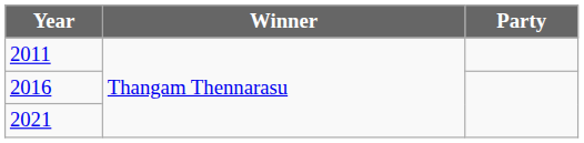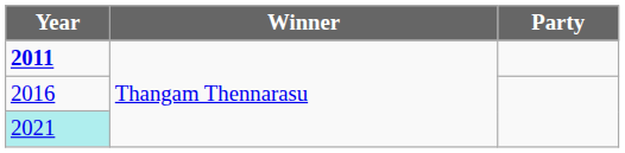 <table class="wikitable sortable" width="50%">
 <tr>
 <th style="background-color:#666666; color:white">Year</th>
 <th style="background-color:#666666; color:white">Winner</th>
 <th style="background-color:#666666; color:white" colspan="2">Party</th>
 </tr>
 <tr>
-<td><a href='#'>2011</a></td>
+<td><strong><a href='#'>2011</a></strong></td>
 <td rowspan="3"><a href='#'>Thangam Thennarasu</a></td>
 <td></td>
 </tr>
 <tr>
 <td><a href='#'>2016</a></td>
 </tr>
 <tr>
-<td><a href='#'>2021</a></td>
+<td style="background: paleturquoise;"><a href='#'>2021</a></td>
 </tr>
 </table>
